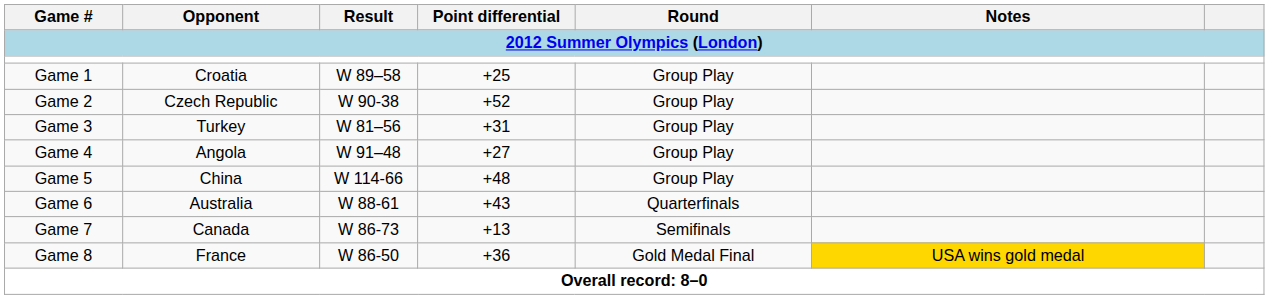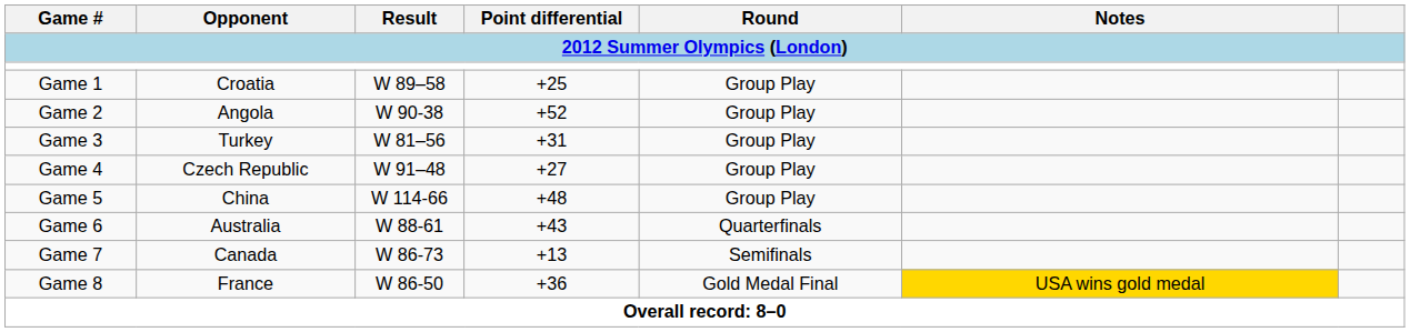 <table class="wikitable">
 <tr>
 <th width=6%>Game #</th>
 <th width=10%>Opponent</th>
 <th width=05%>Result</th>
 <th width=8%>Point differential</th>
 <th width=12%>Round</th>
 <th width=20%>Notes</th>
 <th width=3%></th>
 </tr>
 <tr>
 <td colspan="7"  style="text-align:center; background:lightblue;"><span><strong><a href='#'>2012 Summer Olympics</a> (<a href='#'>London</a>)</strong></span></td>
 </tr>
 <tr>
 <td colspan="7"  style="text-align:center; background:white;"></td>
 </tr>
 <tr>
 <td align=center>Game 1</td>
 <td align=center>Croatia</td>
 <td align=center>W 89–58</td>
 <td align=center>+25</td>
 <td align=center>Group Play</td>
 <td align=center></td>
 <td align=center></td>
 </tr>
 <tr>
 <td align=center>Game 2</td>
-<td align=center>Czech Republic</td>
+<td align=center>Angola</td>
 <td align=center>W 90-38</td>
 <td align=center>+52</td>
 <td align=center>Group Play</td>
 <td align=center></td>
 <td align=center></td>
 </tr>
 <tr>
 <td align=center>Game 3</td>
 <td align=center>Turkey</td>
 <td align=center>W 81–56</td>
 <td align=center>+31</td>
 <td align=center>Group Play</td>
 <td align=center></td>
 <td align=center></td>
 </tr>
 <tr>
 <td align=center>Game 4</td>
-<td align=center>Angola</td>
+<td align=center>Czech Republic</td>
 <td align=center>W 91–48</td>
 <td align=center>+27</td>
 <td align=center>Group Play</td>
 <td align=center></td>
 <td align=center></td>
 </tr>
 <tr>
 <td align=center>Game 5</td>
 <td align=center>China</td>
 <td align=center>W 114-66</td>
 <td align=center>+48</td>
 <td align=center>Group Play</td>
 <td align=center></td>
 <td align=center></td>
 </tr>
 <tr>
 <td align=center>Game 6</td>
 <td align=center>Australia</td>
 <td align=center>W 88-61</td>
 <td align=center>+43</td>
 <td align=center>Quarterfinals</td>
 <td align=center></td>
 <td align=center></td>
 </tr>
 <tr>
 <td align=center>Game 7</td>
 <td align=center>Canada</td>
 <td align=center>W 86-73</td>
 <td align=center>+13</td>
 <td align=center>Semifinals</td>
 <td align=center></td>
 <td align=center></td>
 </tr>
 <tr>
 <td align=center>Game 8</td>
 <td align=center>France</td>
 <td align=center>W 86-50</td>
 <td align=center>+36</td>
 <td align=center>Gold Medal Final</td>
 <td style="text-align:center; background:gold;">USA wins gold medal</td>
 <td align=center></td>
 </tr>
 <tr>
 <td colspan="7"  style="text-align:center; background:white;"><span><strong>Overall record: 8–0</strong></span></td>
 </tr>
 </table>
